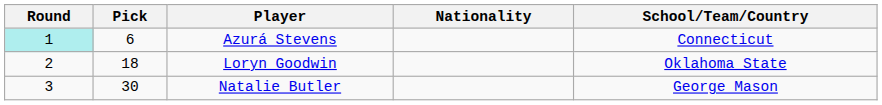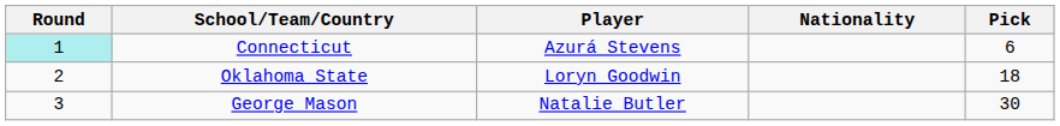 <table class="wikitable" style="text-align:center; width:60em">
 <tr>
 <th>Round</th>
-<th>Pick</th>
+<th>School/Team/Country</th>
 <th>Player</th>
 <th>Nationality</th>
-<th>School/Team/Country</th>
+<th>Pick</th>
 </tr>
 <tr>
 <td style="background: paleturquoise;">1</td>
-<td>6</td>
+<td><a href='#'>Connecticut</a></td>
 <td><a href='#'>Azurá Stevens</a></td>
 <td></td>
-<td><a href='#'>Connecticut</a></td>
+<td>6</td>
 </tr>
 <tr>
 <td>2</td>
-<td>18</td>
+<td><a href='#'>Oklahoma State</a></td>
 <td><a href='#'>Loryn Goodwin</a></td>
 <td></td>
-<td><a href='#'>Oklahoma State</a></td>
+<td>18</td>
 </tr>
 <tr>
 <td>3</td>
-<td>30</td>
+<td><a href='#'>George Mason</a></td>
 <td><a href='#'>Natalie Butler</a></td>
 <td></td>
-<td><a href='#'>George Mason</a></td>
+<td>30</td>
 </tr>
 </table>
